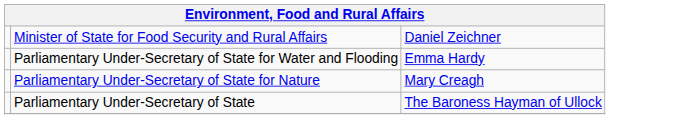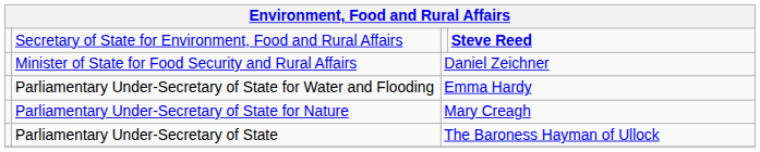 <table class="wikitable">
 <tr>
 <th colspan="4"><a href='#'>Environment, Food and Rural Affairs</a></th>
+</tr>
+<tr>
+<td style="background: "></td>
+<td style="width: 450px;"><a href='#'>Secretary of State for Environment, Food and Rural Affairs</a></td>
+<td style="background: "></td>
+<td style="width: 320px;"><strong><a href='#'>Steve Reed</a></strong> </td>
 </tr>
 <tr>
 <td style="background: "></td>
 <td><a href='#'>Minister of State for Food Security and Rural Affairs</a></td>
 <td colspan="2"><a href='#'>Daniel Zeichner</a></td>
 </tr>
 <tr>
 <td style="background: "></td>
 <td>Parliamentary Under-Secretary of State for Water and Flooding</td>
 <td colspan="2"><a href='#'>Emma Hardy</a></td>
 </tr>
 <tr>
 <td style="background: "></td>
 <td><a href='#'>Parliamentary Under-Secretary of State for Nature</a></td>
 <td colspan="2"><a href='#'>Mary Creagh</a> <br></td>
 </tr>
 <tr>
 <td style="background: "></td>
 <td>Parliamentary Under-Secretary of State</td>
 <td colspan="2"><a href='#'>The Baroness Hayman of Ullock</a></td>
 </tr>
 <tr>
 </tr>
 </table>
